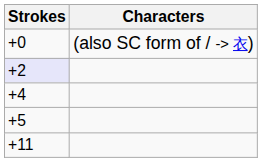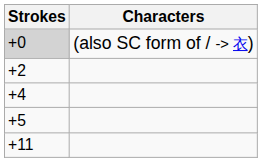 <table class="wikitable">
 <tr>
 <th>Strokes</th>
 <th>Characters</th>
 </tr>
 <tr>
-<td>+0</td>
+<td style="background: lightgrey;">+0</td>
 <td style="font-size: large;"> (also SC form of / <small>-> <a href='#'>衣</a></small>)</td>
 </tr>
 <tr>
-<td style="background: lavender;">+2</td>
+<td>+2</td>
 <td style="font-size: large;"></td>
 </tr>
 <tr>
 <td>+4</td>
 <td style="font-size: large;"></td>
 </tr>
 <tr>
 <td>+5</td>
 <td style="font-size: large;"></td>
 </tr>
 <tr>
 <td>+11</td>
 <td style="font-size: large;"></td>
 </tr>
 </table>
